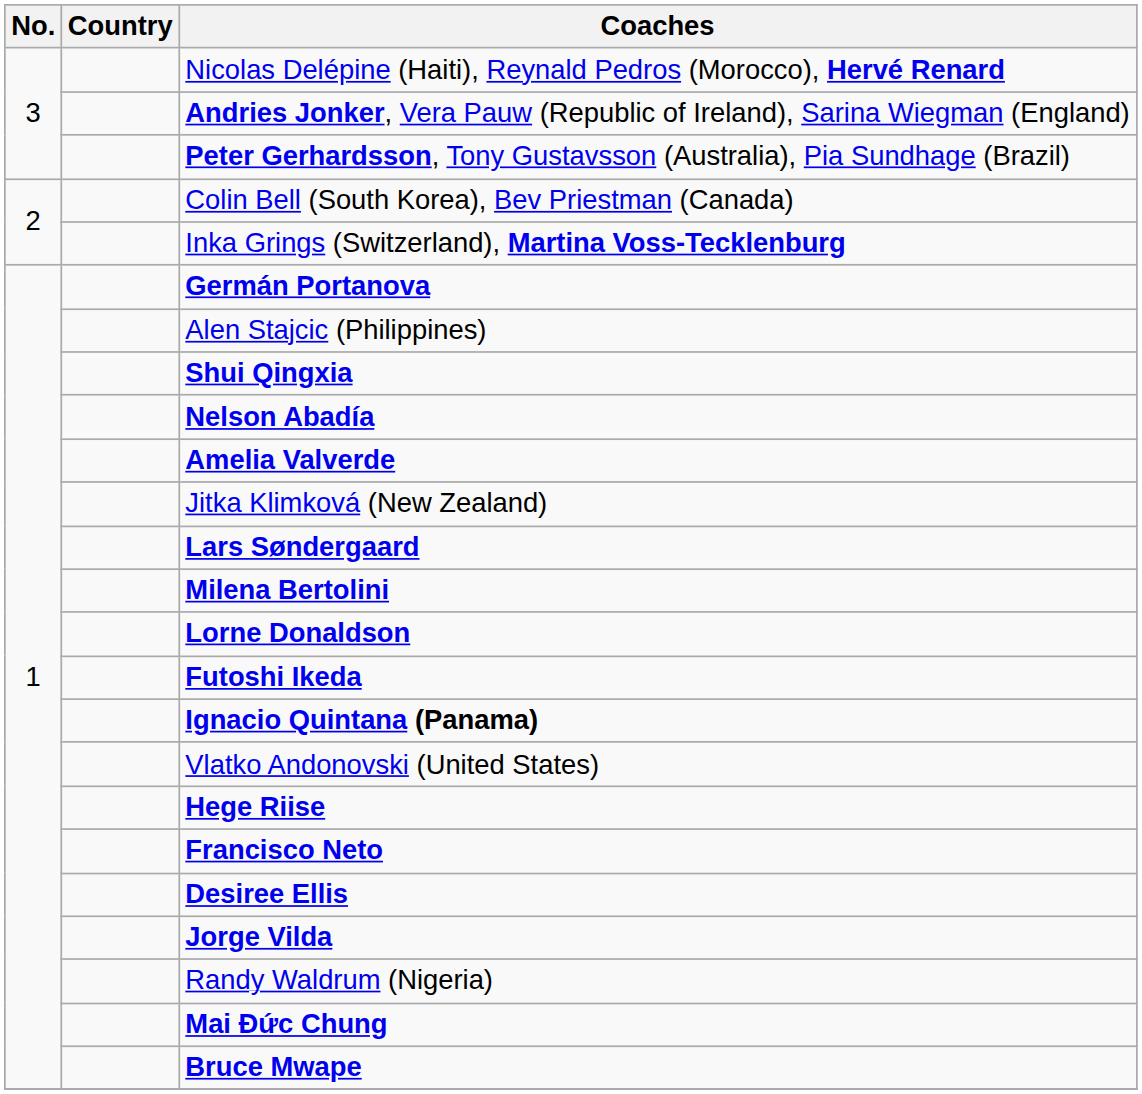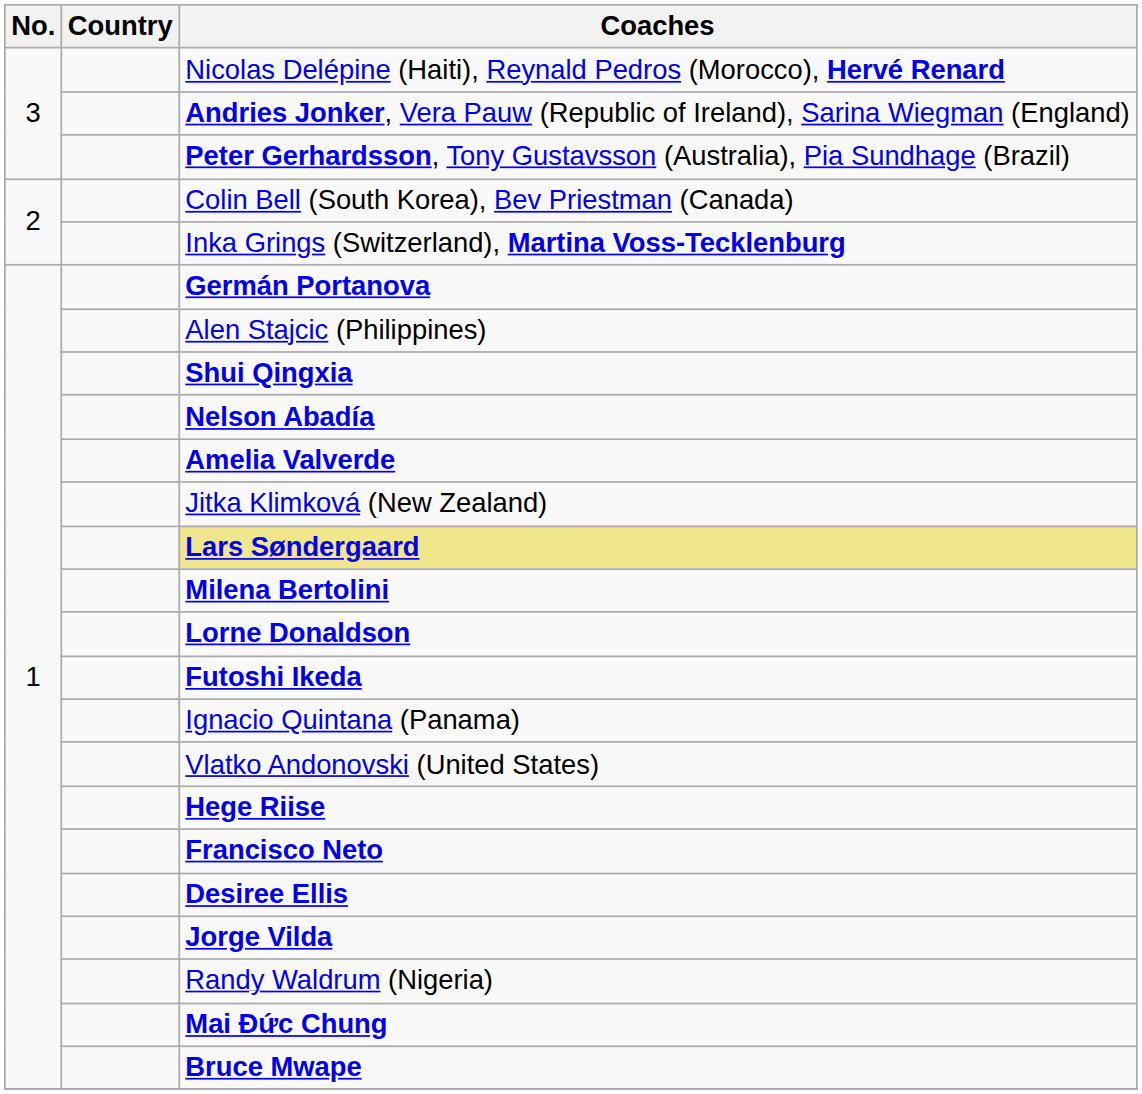 <table class="wikitable sortable">
 <tr>
 <th>No.</th>
 <th>Country</th>
 <th>Coaches</th>
 </tr>
 <tr>
 <td rowspan="3" align="center">3</td>
 <td></td>
 <td><a href='#'>Nicolas Delépine</a> (Haiti),  <a href='#'>Reynald Pedros</a> (Morocco), <strong><a href='#'>Hervé Renard</a></strong></td>
 </tr>
 <tr>
 <td></td>
 <td><strong><a href='#'>Andries Jonker</a></strong>, <a href='#'>Vera Pauw</a> (Republic of Ireland), <a href='#'>Sarina Wiegman</a> (England)</td>
 </tr>
 <tr>
 <td></td>
 <td><strong><a href='#'>Peter Gerhardsson</a></strong>, <a href='#'>Tony Gustavsson</a> (Australia), <a href='#'>Pia Sundhage</a> (Brazil)</td>
 </tr>
 <tr>
 <td rowspan="2" align="center">2</td>
 <td></td>
 <td><a href='#'>Colin Bell</a> (South Korea), <a href='#'>Bev Priestman</a> (Canada)</td>
 </tr>
 <tr>
 <td></td>
 <td><a href='#'>Inka Grings</a> (Switzerland), <strong><a href='#'>Martina Voss-Tecklenburg</a></strong></td>
 </tr>
 <tr>
 <td rowspan="19" align="center">1</td>
 <td></td>
 <td><strong><a href='#'>Germán Portanova</a></strong></td>
 </tr>
 <tr>
 <td></td>
 <td><a href='#'>Alen Stajcic</a> (Philippines)</td>
 </tr>
 <tr>
 <td></td>
 <td><strong><a href='#'>Shui Qingxia</a></strong></td>
 </tr>
 <tr>
 <td></td>
 <td><strong><a href='#'>Nelson Abadía</a></strong></td>
 </tr>
 <tr>
 <td></td>
 <td><strong><a href='#'>Amelia Valverde</a></strong></td>
 </tr>
 <tr>
 <td></td>
 <td><a href='#'>Jitka Klimková</a> (New Zealand)</td>
 </tr>
 <tr>
 <td></td>
-<td><strong><a href='#'>Lars Søndergaard</a></strong></td>
+<td style="background: khaki;"><strong><a href='#'>Lars Søndergaard</a></strong></td>
 </tr>
 <tr>
 <td></td>
 <td><strong><a href='#'>Milena Bertolini</a></strong></td>
 </tr>
 <tr>
 <td></td>
 <td><strong><a href='#'>Lorne Donaldson</a></strong></td>
 </tr>
 <tr>
 <td></td>
 <td><strong><a href='#'>Futoshi Ikeda</a></strong></td>
 </tr>
 <tr>
 <td></td>
-<td><strong><a href='#'>Ignacio Quintana</a> (Panama)</strong></td>
+<td><a href='#'>Ignacio Quintana</a> (Panama)</td>
 </tr>
 <tr>
 <td></td>
 <td><a href='#'>Vlatko Andonovski</a> (United States)</td>
 </tr>
 <tr>
 <td></td>
 <td><strong><a href='#'>Hege Riise</a></strong></td>
 </tr>
 <tr>
 <td></td>
 <td><strong><a href='#'>Francisco Neto</a></strong></td>
 </tr>
 <tr>
 <td></td>
 <td><strong><a href='#'>Desiree Ellis</a></strong></td>
 </tr>
 <tr>
 <td></td>
 <td><strong><a href='#'>Jorge Vilda</a></strong></td>
 </tr>
 <tr>
 <td></td>
 <td><a href='#'>Randy Waldrum</a> (Nigeria)</td>
 </tr>
 <tr>
 <td></td>
 <td><strong><a href='#'>Mai Đức Chung</a></strong></td>
 </tr>
 <tr>
 <td></td>
 <td><strong><a href='#'>Bruce Mwape</a></strong></td>
 </tr>
 <tr>
 </tr>
 </table>
